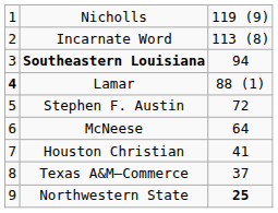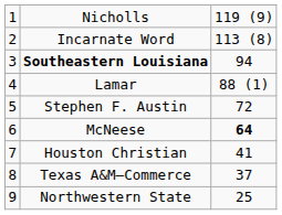 <table class="wikitable">
 <tr align="center">
 <td>1</td>
 <td>Nicholls</td>
 <td>119 (9)</td>
 </tr>
 <tr align="center">
 <td>2</td>
 <td>Incarnate Word</td>
 <td>113 (8)</td>
 </tr>
 <tr align="center">
 <td>3</td>
 <td><strong>Southeastern Louisiana</strong></td>
 <td>94</td>
 </tr>
 <tr align="center">
-<td><strong>4</strong></td>
+<td>4</td>
 <td>Lamar</td>
 <td>88 (1)</td>
 </tr>
 <tr align="center">
 <td>5</td>
 <td>Stephen F. Austin</td>
 <td>72</td>
 </tr>
 <tr align="center">
 <td>6</td>
 <td>McNeese</td>
-<td>64</td>
+<td><strong>64</strong></td>
 </tr>
 <tr align="center">
 <td>7</td>
 <td>Houston Christian</td>
 <td>41</td>
 </tr>
 <tr align="center">
 <td>8</td>
 <td>Texas A&M–Commerce</td>
 <td>37</td>
 </tr>
 <tr align="center">
 <td>9</td>
 <td>Northwestern State</td>
-<td><strong>25</strong></td>
+<td>25</td>
 </tr>
 </table>
